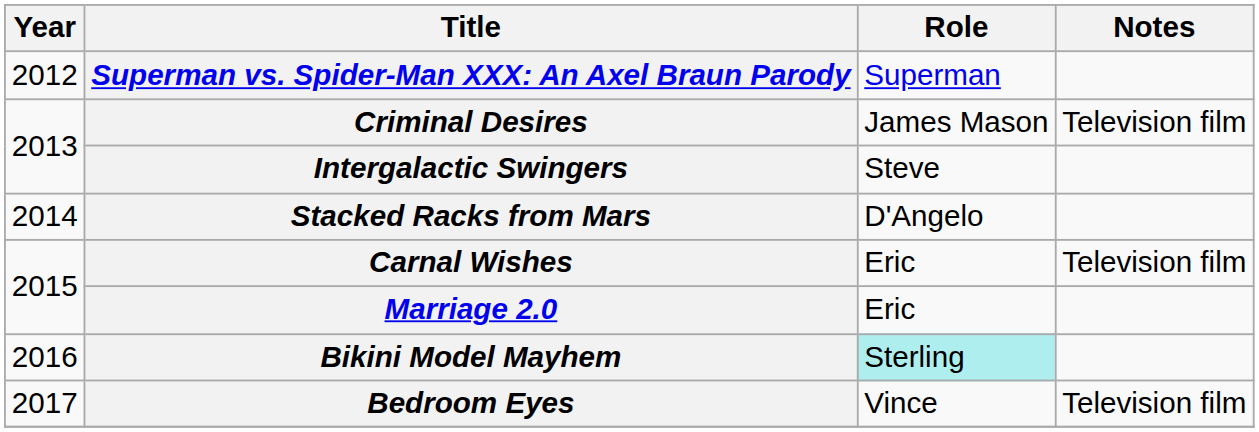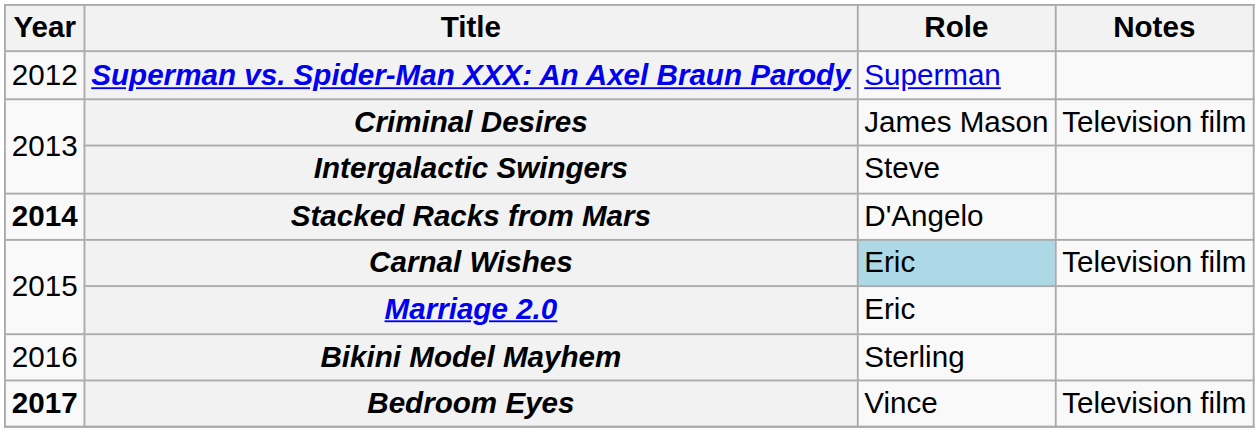 <table class="wikitable plainrowheaders sortable">
 <tr>
 <th scope="col">Year</th>
 <th scope="col">Title</th>
 <th scope="col">Role</th>
 <th scope="col" class="unsortable">Notes</th>
 </tr>
 <tr>
 <td rowspan="1">2012</td>
 <th><em><a href='#'>Superman vs. Spider-Man XXX: An Axel Braun Parody</a></em></th>
 <td><a href='#'>Superman</a></td>
 <td></td>
 </tr>
 <tr>
 <td rowspan="2">2013</td>
 <th><em>Criminal Desires</em></th>
 <td>James Mason</td>
 <td>Television film</td>
 </tr>
 <tr>
 <th><em>Intergalactic Swingers</em></th>
 <td>Steve</td>
 <td></td>
 </tr>
 <tr>
-<td rowspan="1">2014</td>
+<td rowspan="1"><strong>2014</strong></td>
 <th><em>Stacked Racks from Mars</em></th>
 <td>D'Angelo</td>
 <td></td>
 </tr>
 <tr>
 <td rowspan="2">2015</td>
 <th><em>Carnal Wishes</em></th>
-<td>Eric</td>
+<td style="background: lightblue;">Eric</td>
 <td>Television film</td>
 </tr>
 <tr>
 <th><em><a href='#'>Marriage 2.0</a></em></th>
 <td>Eric</td>
 <td></td>
 </tr>
 <tr>
 <td rowspan="1">2016</td>
 <th><em>Bikini Model Mayhem</em></th>
-<td style="background: paleturquoise;">Sterling</td>
+<td>Sterling</td>
 <td></td>
 </tr>
 <tr>
-<td rowspan="1">2017</td>
+<td rowspan="1"><strong>2017</strong></td>
 <th><em>Bedroom Eyes</em></th>
 <td>Vince</td>
 <td>Television film</td>
 </tr>
 <tr>
 </tr>
 </table>
